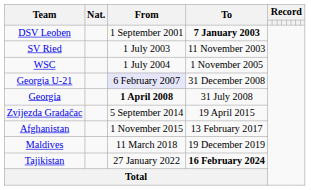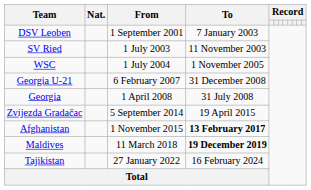 <table class="wikitable" style="text-align: center">
 <tr>
 <th rowspan=2>Team</th>
 <th rowspan=2>Nat.</th>
 <th rowspan=2>From</th>
 <th rowspan=2>To</th>
 <th colspan=8>Record</th>
 </tr>
 <tr>
 <th></th>
 <th></th>
 <th></th>
 <th></th>
 <th></th>
 <th></th>
 <th></th>
 <th></th>
 </tr>
 <tr>
 <td><a href='#'>DSV Leoben</a></td>
 <td></td>
 <td>1 September 2001</td>
-<td><strong>7 January 2003<br></strong></td>
+<td>7 January 2003<br></td>
 </tr>
 <tr>
 <td><a href='#'>SV Ried</a></td>
 <td></td>
 <td>1 July 2003</td>
 <td>11 November 2003<br></td>
 </tr>
 <tr>
 <td><a href='#'>WSC</a></td>
 <td></td>
 <td>1 July 2004</td>
 <td>1 November 2005<br></td>
 </tr>
 <tr>
 <td><a href='#'>Georgia U-21</a></td>
 <td></td>
-<td style="background: lavender;">6 February 2007</td>
+<td>6 February 2007</td>
 <td>31 December 2008<br></td>
 </tr>
 <tr>
 <td><a href='#'>Georgia</a></td>
 <td></td>
-<td><strong>1 April 2008</strong></td>
+<td>1 April 2008</td>
 <td>31 July 2008<br></td>
 </tr>
 <tr>
 <td><a href='#'>Zvijezda Gradačac</a></td>
 <td></td>
 <td>5 September 2014</td>
 <td>19 April 2015<br></td>
 </tr>
 <tr>
 <td><a href='#'>Afghanistan</a></td>
 <td></td>
 <td>1 November 2015</td>
-<td>13 February 2017<br></td>
+<td><strong>13 February 2017<br></strong></td>
 </tr>
 <tr>
 <td><a href='#'>Maldives</a></td>
 <td></td>
 <td>11 March 2018</td>
-<td>19 December 2019<br></td>
+<td><strong>19 December 2019<br></strong></td>
 </tr>
 <tr>
 <td><a href='#'>Tajikistan</a></td>
 <td></td>
 <td>27 January 2022</td>
-<td><strong>16 February 2024<br></strong></td>
+<td>16 February 2024<br></td>
 </tr>
 <tr>
 <th colspan=4>Total<br></th>
 </tr>
 </table>
